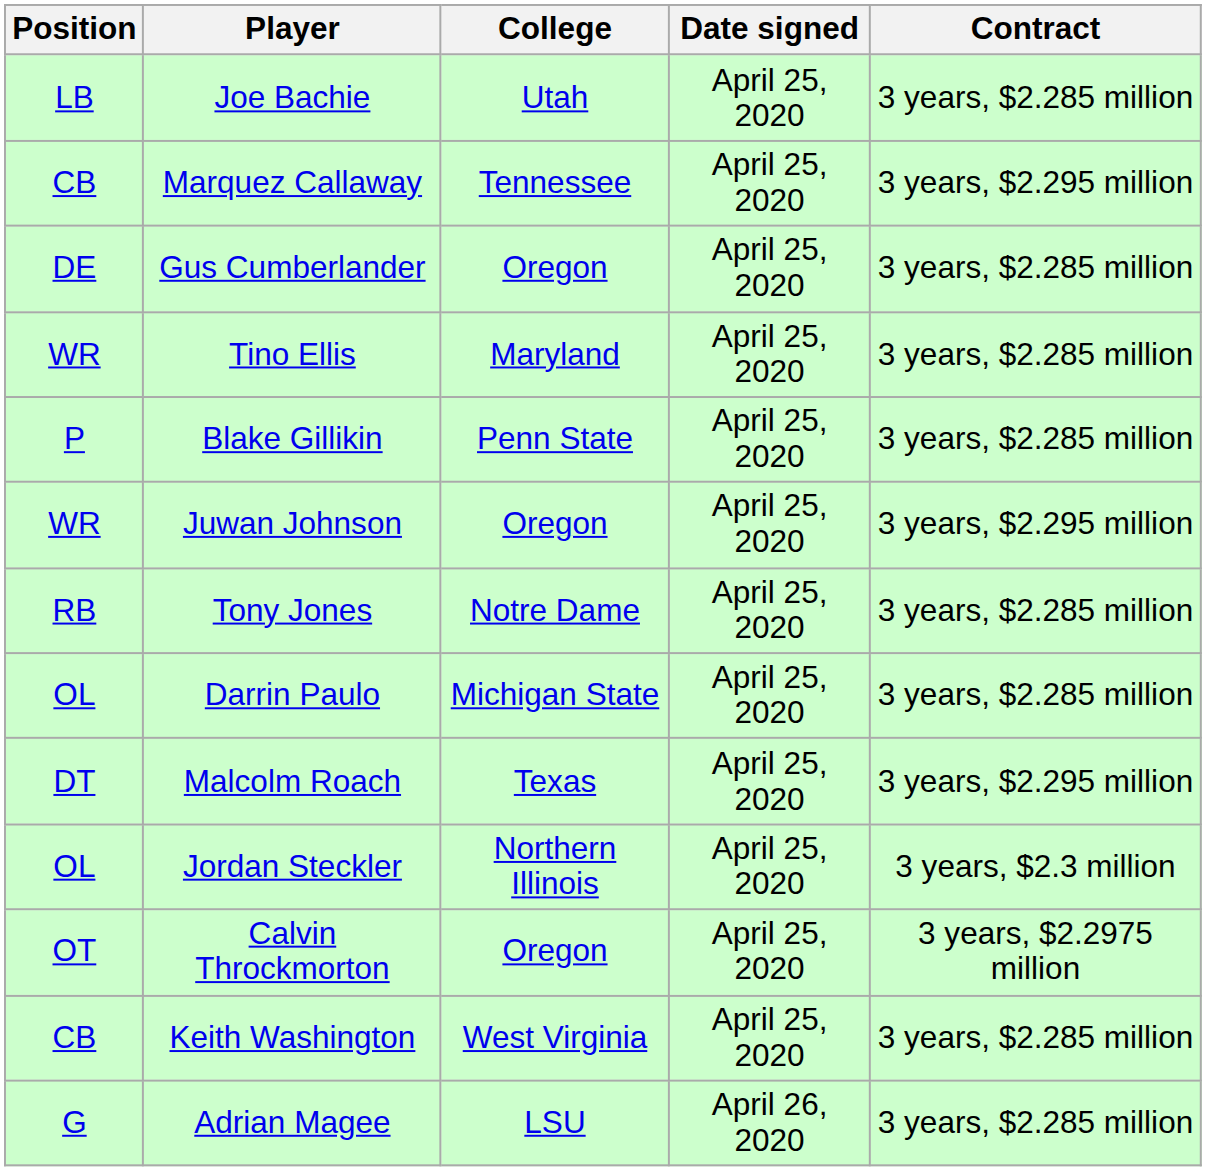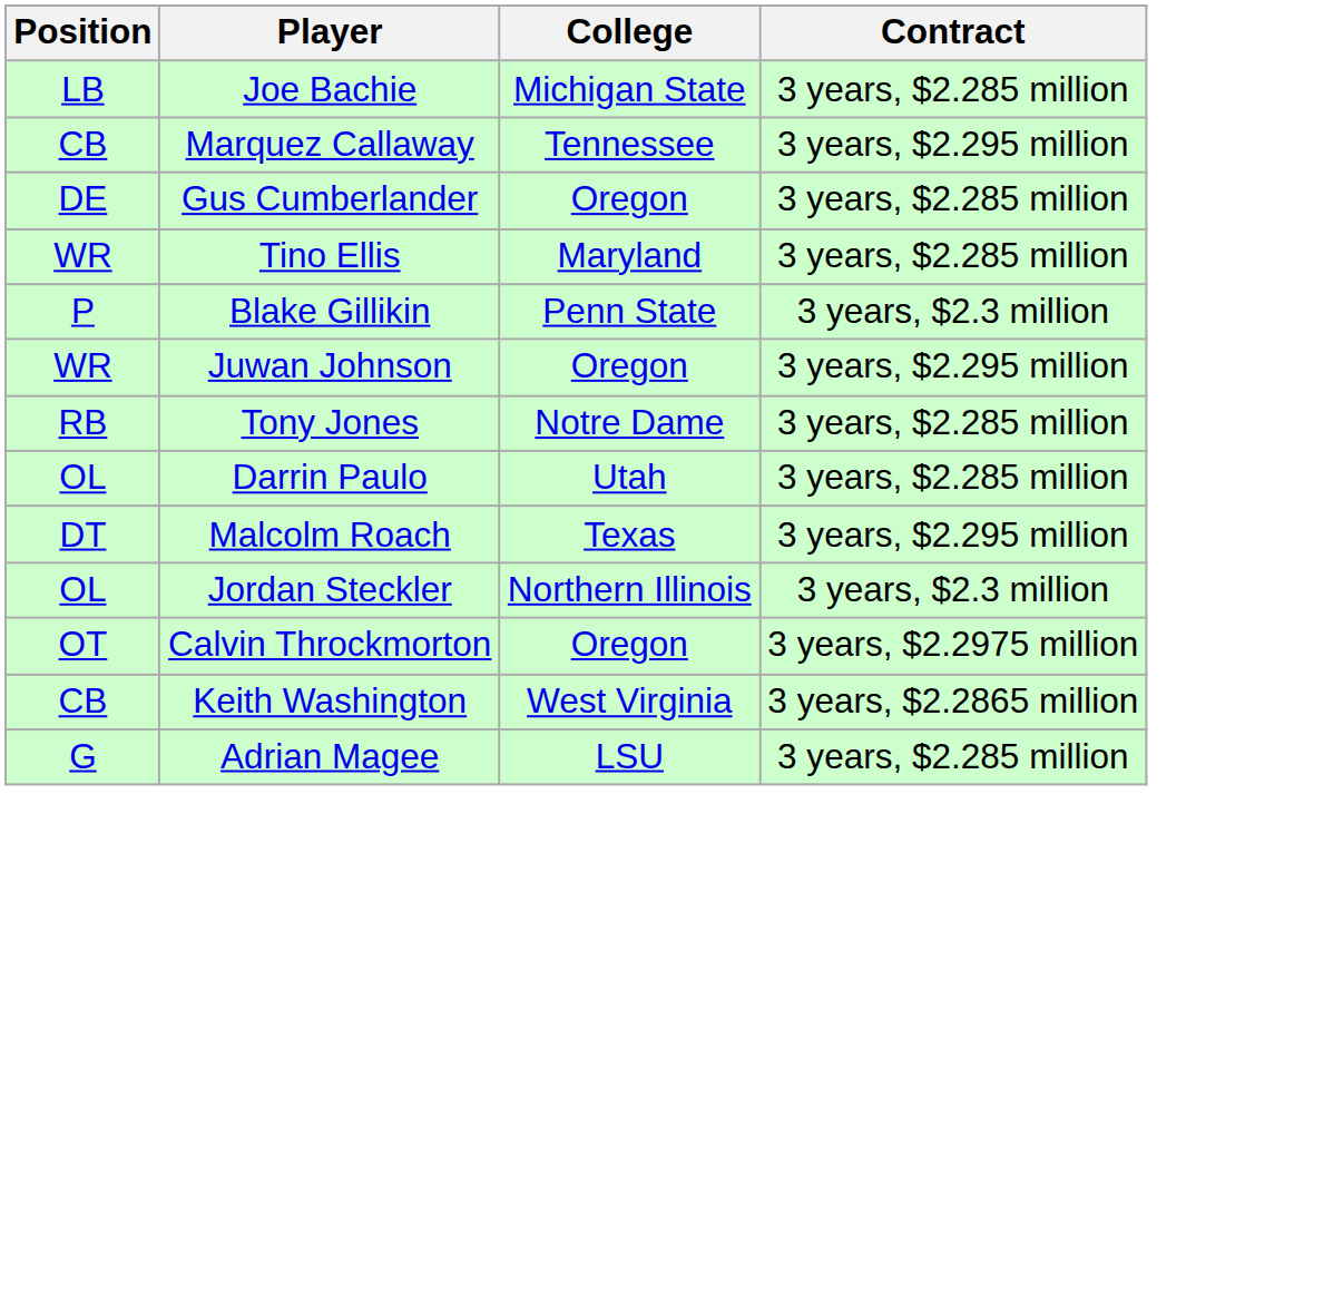 <table class="wikitable" style="text-align:center">
 <tr>
 <th>Position</th>
 <th>Player</th>
 <th>College</th>
-<th>Date signed</th>
 <th>Contract</th>
 </tr>
 <tr style="background:#cfc">
 <td><a href='#'>LB</a></td>
 <td><a href='#'>Joe Bachie</a></td>
-<td><a href='#'>Utah</a></td>
-<td>April 25, 2020</td>
+<td><a href='#'>Michigan State</a></td>
 <td>3 years, $2.285 million</td>
 </tr>
 <tr style="background:#cfc">
 <td><a href='#'>CB</a></td>
 <td><a href='#'>Marquez Callaway</a></td>
 <td><a href='#'>Tennessee</a></td>
-<td>April 25, 2020</td>
 <td>3 years, $2.295 million</td>
 </tr>
 <tr style="background:#cfc">
 <td><a href='#'>DE</a></td>
 <td><a href='#'>Gus Cumberlander</a></td>
 <td><a href='#'>Oregon</a></td>
-<td>April 25, 2020</td>
 <td>3 years, $2.285 million</td>
 </tr>
 <tr style="background:#cfc">
 <td><a href='#'>WR</a></td>
 <td><a href='#'>Tino Ellis</a></td>
 <td><a href='#'>Maryland</a></td>
-<td>April 25, 2020</td>
 <td>3 years, $2.285 million</td>
 </tr>
 <tr style="background:#cfc">
 <td><a href='#'>P</a></td>
 <td><a href='#'>Blake Gillikin</a></td>
 <td><a href='#'>Penn State</a></td>
-<td>April 25, 2020</td>
-<td>3 years, $2.285 million</td>
+<td>3 years, $2.3 million</td>
 </tr>
 <tr style="background:#cfc">
 <td><a href='#'>WR</a></td>
 <td><a href='#'>Juwan Johnson</a></td>
 <td><a href='#'>Oregon</a></td>
-<td>April 25, 2020</td>
 <td>3 years, $2.295 million</td>
 </tr>
 <tr style="background:#cfc">
 <td><a href='#'>RB</a></td>
 <td><a href='#'>Tony Jones</a></td>
 <td><a href='#'>Notre Dame</a></td>
-<td>April 25, 2020</td>
 <td>3 years, $2.285 million</td>
 </tr>
 <tr style="background:#cfc">
 <td><a href='#'>OL</a></td>
 <td><a href='#'>Darrin Paulo</a></td>
-<td><a href='#'>Michigan State</a></td>
-<td>April 25, 2020</td>
+<td><a href='#'>Utah</a></td>
 <td>3 years, $2.285 million</td>
 </tr>
 <tr style="background:#cfc">
 <td><a href='#'>DT</a></td>
 <td><a href='#'>Malcolm Roach</a></td>
 <td><a href='#'>Texas</a></td>
-<td>April 25, 2020</td>
 <td>3 years, $2.295 million</td>
 </tr>
 <tr style="background:#cfc">
 <td><a href='#'>OL</a></td>
 <td><a href='#'>Jordan Steckler</a></td>
 <td><a href='#'>Northern Illinois</a></td>
-<td>April 25, 2020</td>
 <td>3 years, $2.3 million</td>
 </tr>
 <tr style="background:#cfc">
 <td><a href='#'>OT</a></td>
 <td><a href='#'>Calvin Throckmorton</a></td>
 <td><a href='#'>Oregon</a></td>
-<td>April 25, 2020</td>
 <td>3 years, $2.2975 million</td>
 </tr>
 <tr style="background:#cfc">
 <td><a href='#'>CB</a></td>
 <td><a href='#'>Keith Washington</a></td>
 <td><a href='#'>West Virginia</a></td>
-<td>April 25, 2020</td>
-<td>3 years, $2.285 million</td>
+<td>3 years, $2.2865 million</td>
 </tr>
 <tr style="background:#cfc">
 <td><a href='#'>G</a></td>
 <td><a href='#'>Adrian Magee</a></td>
 <td><a href='#'>LSU</a></td>
-<td>April 26, 2020</td>
 <td>3 years, $2.285 million</td>
 </tr>
 </table>
